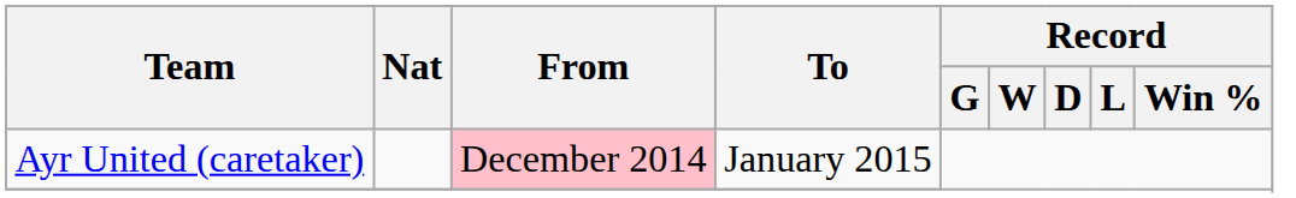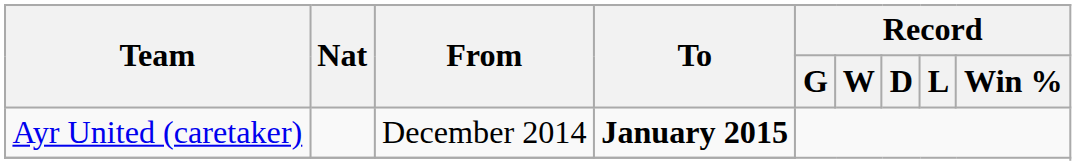 <table class="wikitable" style="text-align: center">
 <tr>
 <th rowspan="2">Team</th>
 <th rowspan="2">Nat</th>
 <th rowspan="2">From</th>
 <th rowspan="2">To</th>
 <th colspan="5">Record</th>
 </tr>
 <tr>
 <th>G</th>
 <th>W</th>
 <th>D</th>
 <th>L</th>
 <th>Win %</th>
 </tr>
 <tr>
 <td align=left><a href='#'>Ayr United (caretaker)</a></td>
 <td></td>
-<td align=left style="background: pink;">December 2014</td>
-<td align=left>January 2015<br></td>
+<td align=left>December 2014</td>
+<td align=left><strong>January 2015<br></strong></td>
 </tr>
 <tr>
 </tr>
 </table>
